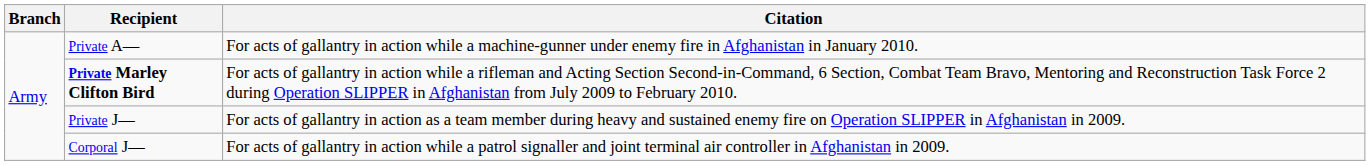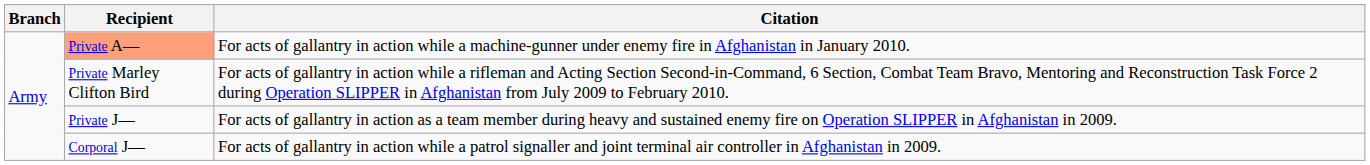 <table class="wikitable" style="font-size:95%;">
 <tr>
 <th>Branch</th>
 <th>Recipient</th>
 <th>Citation</th>
 </tr>
 <tr>
 <td rowspan="4"><a href='#'>Army</a></td>
-<td><small><a href='#'>Private</a></small> A—</td>
+<td style="background: lightsalmon;"><small><a href='#'>Private</a></small> A—</td>
 <td>For acts of gallantry in action while a machine-gunner under enemy fire in <a href='#'>Afghanistan</a> in January 2010.</td>
 </tr>
 <tr>
-<td><strong><small><a href='#'>Private</a></small> Marley Clifton Bird</strong></td>
+<td><small><a href='#'>Private</a></small> Marley Clifton Bird</td>
 <td>For acts of gallantry in action while a rifleman and Acting Section Second-in-Command, 6 Section, Combat Team Bravo, Mentoring and Reconstruction Task Force 2 during <a href='#'>Operation SLIPPER</a> in <a href='#'>Afghanistan</a> from July 2009 to February 2010.</td>
 </tr>
 <tr>
 <td><small><a href='#'>Private</a></small> J—</td>
 <td>For acts of gallantry in action as a team member during heavy and sustained enemy fire on <a href='#'>Operation SLIPPER</a> in <a href='#'>Afghanistan</a> in 2009.</td>
 </tr>
 <tr>
 <td><small><a href='#'>Corporal</a></small> J—</td>
 <td>For acts of gallantry in action while a patrol signaller and joint terminal air controller in <a href='#'>Afghanistan</a> in 2009.</td>
 </tr>
 </table>
